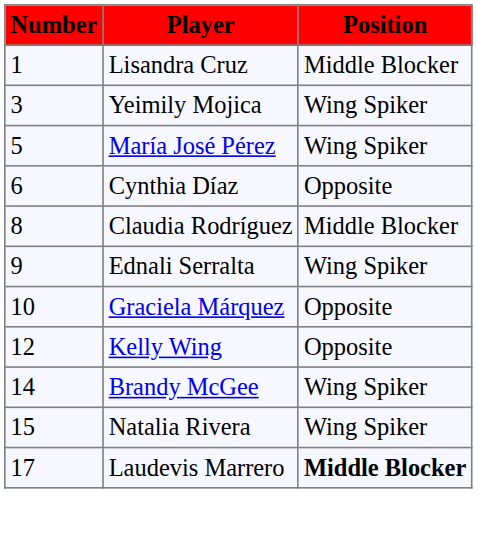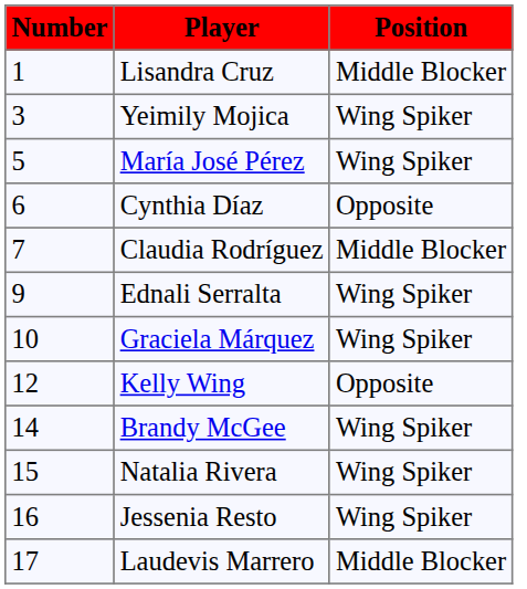 <table bgcolor="#f7f8ff" cellpadding="3" cellspacing="0" border="1" style="font-size: 95%; border: gray solid 1px; border-collapse: collapse;">
 <tr bgcolor="#ff0000">
 <td align=center><strong>Number</strong></td>
 <td align=center><strong>Player</strong></td>
 <td align=center><strong>Position</strong></td>
 </tr>
 <tr align="left">
 <td>1</td>
 <td> Lisandra Cruz</td>
 <td>Middle Blocker</td>
 </tr>
 <tr align=left>
 <td>3</td>
 <td> Yeimily Mojica</td>
 <td>Wing Spiker</td>
 </tr>
 <tr align="left">
 <td>5</td>
 <td> <a href='#'>María José Pérez</a></td>
 <td>Wing Spiker</td>
 </tr>
 <tr align="left">
 <td>6</td>
 <td> Cynthia Díaz</td>
 <td>Opposite</td>
 </tr>
 <tr align="left">
-<td>8</td>
+<td>7</td>
 <td> Claudia Rodríguez</td>
 <td>Middle Blocker</td>
 </tr>
 <tr align="left">
 <td>9</td>
 <td> Ednali Serralta</td>
 <td>Wing Spiker</td>
 </tr>
 <tr align="left">
 <td>10</td>
 <td> <a href='#'>Graciela Márquez</a></td>
-<td>Opposite</td>
+<td>Wing Spiker</td>
 </tr>
 <tr align="left">
 <td>12</td>
 <td> <a href='#'>Kelly Wing</a></td>
 <td>Opposite</td>
 </tr>
 <tr align="left">
 <td>14</td>
 <td> <a href='#'>Brandy McGee</a></td>
 <td>Wing Spiker</td>
 </tr>
 <tr align="left">
 <td>15</td>
 <td> Natalia Rivera</td>
 <td>Wing Spiker</td>
 </tr>
 <tr align="left">
+<td>16</td>
+<td> Jessenia Resto</td>
+<td>Wing Spiker</td>
+</tr>
+<tr align="left">
 <td>17</td>
 <td> Laudevis Marrero</td>
-<td><strong>Middle Blocker</strong></td>
+<td>Middle Blocker</td>
 </tr>
 </table>
